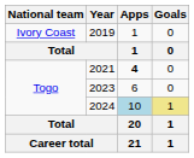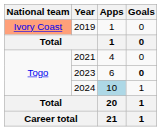 <table class="wikitable" style="text-align:center">
 <tr>
 <th>National team</th>
 <th>Year</th>
 <th>Apps</th>
 <th>Goals</th>
 </tr>
 <tr>
-<td><a href='#'>Ivory Coast</a></td>
+<td style="background: lightsalmon;"><a href='#'>Ivory Coast</a></td>
 <td>2019</td>
 <td>1</td>
 <td>0</td>
 </tr>
 <tr>
 <th colspan="2">Total</th>
 <th>1</th>
 <th>0</th>
 </tr>
 <tr>
 <td rowspan="3"><a href='#'>Togo</a></td>
 <td>2021</td>
-<td><strong>4</strong></td>
+<td>4</td>
 <td>0</td>
 </tr>
 <tr>
 <td>2023</td>
 <td>6</td>
-<td>0</td>
+<td><strong>0</strong></td>
 </tr>
 <tr>
 <td>2024</td>
 <td style="background: lightblue;">10</td>
-<td style="background: khaki;">1</td>
+<td>1</td>
 </tr>
 <tr>
 <th colspan="2">Total</th>
 <th>20</th>
 <th>1</th>
 </tr>
 <tr>
 <th colspan="2">Career total</th>
 <th>21</th>
 <th>1</th>
 </tr>
 </table>
